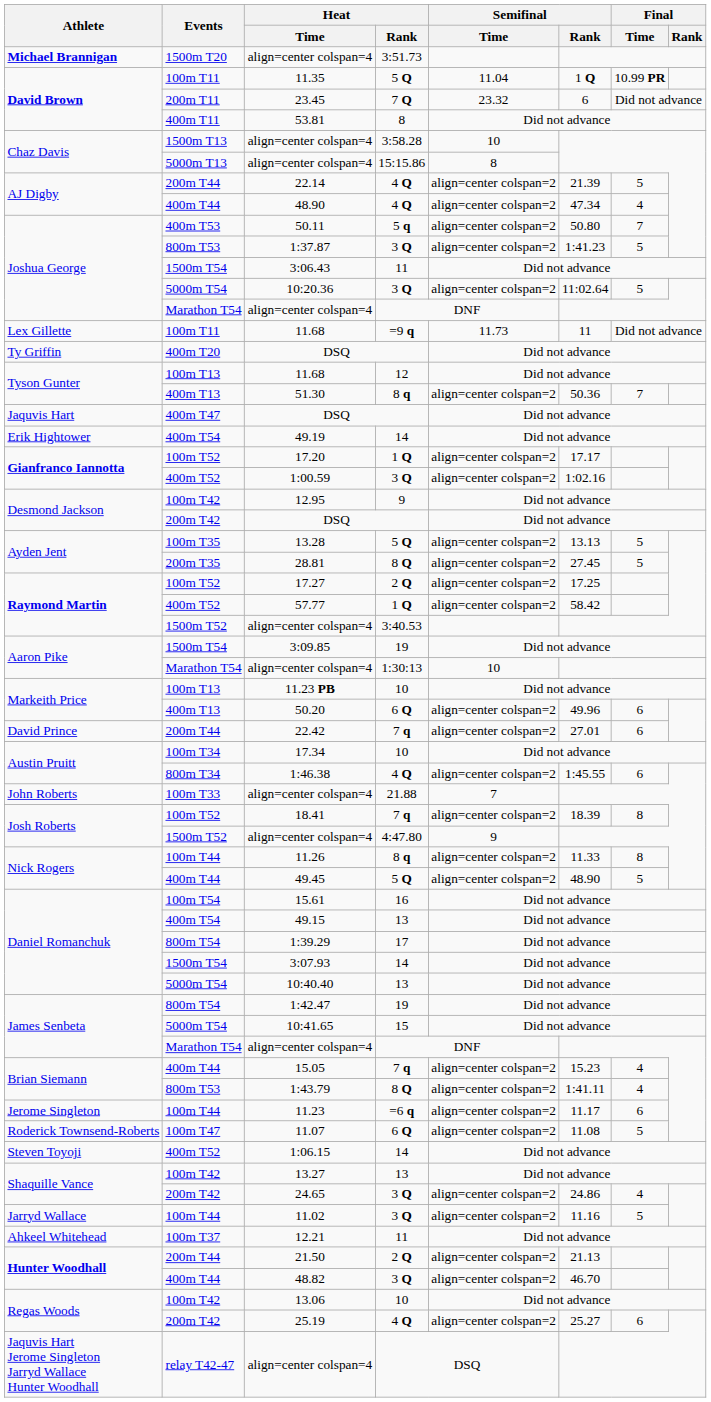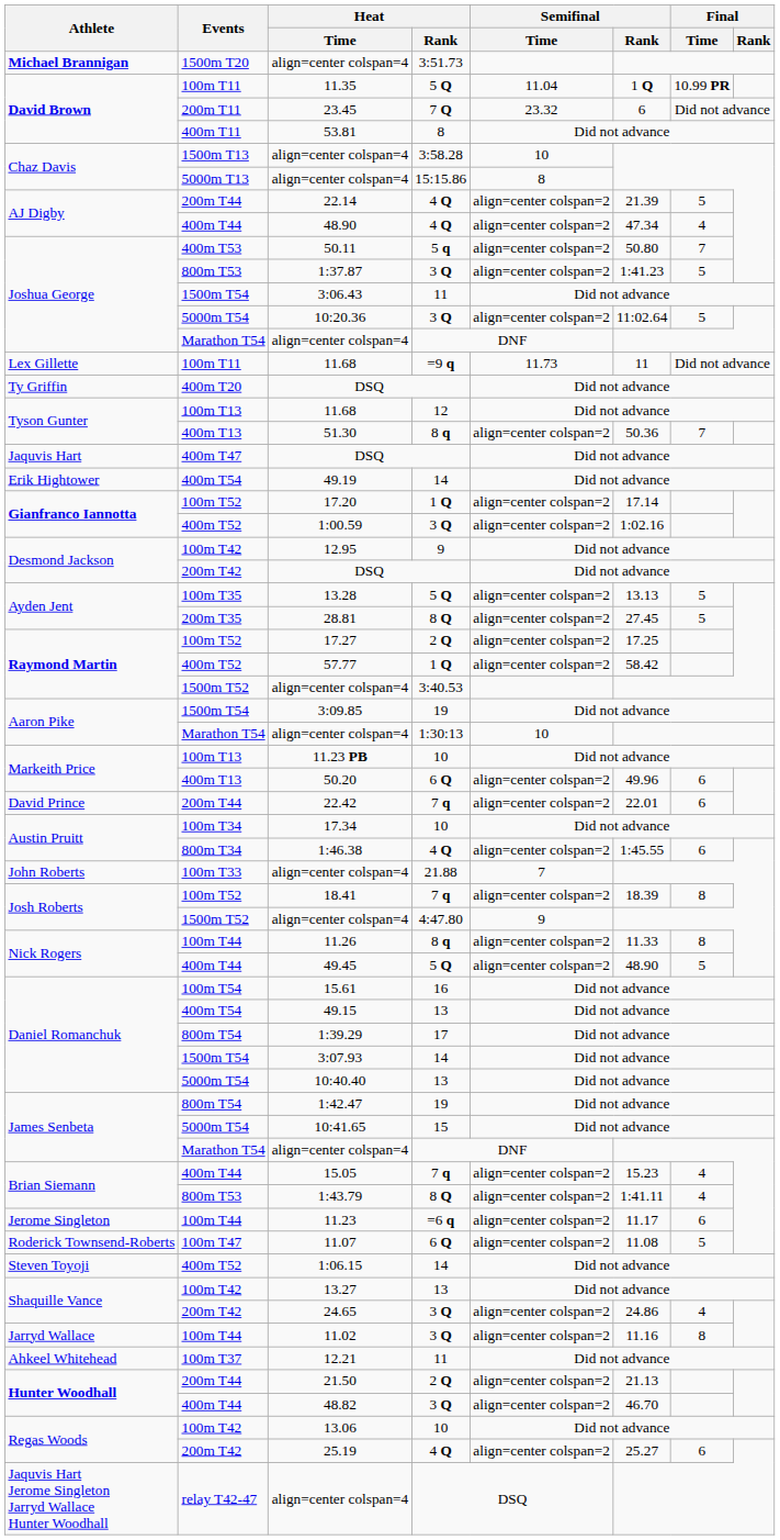 <table class=wikitable>
 <tr>
 <th rowspan="2">Athlete</th>
 <th rowspan="2">Events</th>
 <th colspan="2">Heat</th>
 <th colspan="2">Semifinal</th>
 <th colspan="2">Final</th>
 </tr>
 <tr>
 <th>Time</th>
 <th>Rank</th>
 <th>Time</th>
 <th>Rank</th>
 <th>Time</th>
 <th>Rank</th>
 </tr>
 <tr>
 <td align=left><strong><a href='#'>Michael Brannigan</a></strong></td>
 <td align=left><a href='#'>1500m T20</a></td>
 <td>align=center colspan=4 </td>
 <td align=center>3:51.73</td>
 <td align=center></td>
 </tr>
 <tr>
 <td align=left rowspan=3><strong><a href='#'>David Brown</a></strong></td>
 <td align=left><a href='#'>100m T11</a></td>
 <td align=center>11.35</td>
 <td align=center>5 <strong>Q</strong></td>
 <td align=center>11.04</td>
 <td align=center>1 <strong>Q</strong></td>
 <td align=center>10.99 <strong>PR</strong></td>
 <td align=center></td>
 </tr>
 <tr>
 <td align=left><a href='#'>200m T11</a></td>
 <td align=center>23.45</td>
 <td align=center>7 <strong>Q</strong></td>
 <td align=center>23.32</td>
 <td align=center>6</td>
 <td align=center colspan=2>Did not advance</td>
 </tr>
 <tr>
 <td align=left><a href='#'>400m T11</a></td>
 <td align=center>53.81</td>
 <td align=center>8</td>
 <td align=center colspan=4>Did not advance</td>
 </tr>
 <tr>
 <td align=left rowspan=2><a href='#'>Chaz Davis</a></td>
 <td align=left><a href='#'>1500m T13</a></td>
 <td>align=center colspan=4 </td>
 <td align=center>3:58.28</td>
 <td align=center>10</td>
 </tr>
 <tr>
 <td align=left><a href='#'>5000m T13</a></td>
 <td>align=center colspan=4 </td>
 <td align=center>15:15.86</td>
 <td align=center>8</td>
 </tr>
 <tr>
 <td align=left rowspan=2><a href='#'>AJ Digby</a></td>
 <td align=left><a href='#'>200m T44</a></td>
 <td align=center>22.14</td>
 <td align=center>4 <strong>Q</strong></td>
 <td>align=center colspan=2 </td>
 <td align=center>21.39</td>
 <td align=center>5</td>
 </tr>
 <tr>
 <td align=left><a href='#'>400m T44</a></td>
 <td align=center>48.90</td>
 <td align=center>4 <strong>Q</strong></td>
 <td>align=center colspan=2 </td>
 <td align=center>47.34</td>
 <td align=center>4</td>
 </tr>
 <tr>
 <td align=left rowspan=5><a href='#'>Joshua George</a></td>
 <td align=left><a href='#'>400m T53</a></td>
 <td align=center>50.11</td>
 <td align=center>5 <strong>q</strong></td>
 <td>align=center colspan=2 </td>
 <td align=center>50.80</td>
 <td align=center>7</td>
 </tr>
 <tr>
 <td align=left><a href='#'>800m T53</a></td>
 <td align=center>1:37.87</td>
 <td align=center>3 <strong>Q</strong></td>
 <td>align=center colspan=2 </td>
 <td align=center>1:41.23</td>
 <td align=center>5</td>
 </tr>
 <tr>
 <td align=left><a href='#'>1500m T54</a></td>
 <td align=center>3:06.43</td>
 <td align=center>11</td>
 <td align=center colspan=4>Did not advance</td>
 </tr>
 <tr>
 <td align=left><a href='#'>5000m T54</a></td>
 <td align=center>10:20.36</td>
 <td align=center>3 <strong>Q</strong></td>
 <td>align=center colspan=2 </td>
 <td align=center>11:02.64</td>
 <td align=center>5</td>
 </tr>
 <tr>
 <td align=left><a href='#'>Marathon T54</a></td>
 <td>align=center colspan=4 </td>
 <td align=center colspan=2>DNF</td>
 </tr>
 <tr>
 <td align=left><a href='#'>Lex Gillette</a></td>
 <td align=left><a href='#'>100m T11</a></td>
 <td align=center>11.68</td>
 <td align=center>=9 <strong>q</strong></td>
 <td align=center>11.73</td>
 <td align=center>11</td>
 <td align=center colspan=2>Did not advance</td>
 </tr>
 <tr>
 <td align=left><a href='#'>Ty Griffin</a></td>
 <td align=left><a href='#'>400m T20</a></td>
 <td align=center colspan=2>DSQ</td>
 <td align=center colspan=4>Did not advance</td>
 </tr>
 <tr>
 <td align=left rowspan=2><a href='#'>Tyson Gunter</a></td>
 <td align=left><a href='#'>100m T13</a></td>
 <td align=center>11.68</td>
 <td align=center>12</td>
 <td align=center colspan=4>Did not advance</td>
 </tr>
 <tr>
 <td align=left><a href='#'>400m T13</a></td>
 <td align=center>51.30</td>
 <td align=center>8 <strong>q</strong></td>
 <td>align=center colspan=2 </td>
 <td align=center>50.36</td>
 <td align=center>7</td>
 </tr>
 <tr>
 <td align=left><a href='#'>Jaquvis Hart</a></td>
 <td align=left><a href='#'>400m T47</a></td>
 <td align=center colspan=2>DSQ</td>
 <td align=center colspan=4>Did not advance</td>
 </tr>
 <tr>
 <td align=left><a href='#'>Erik Hightower</a></td>
 <td align=left><a href='#'>400m T54</a></td>
 <td align=center>49.19</td>
 <td align=center>14</td>
 <td align=center colspan=4>Did not advance</td>
 </tr>
 <tr>
 <td align=left rowspan=2><strong><a href='#'>Gianfranco Iannotta</a></strong></td>
 <td align=left><a href='#'>100m T52</a></td>
 <td align=center>17.20</td>
 <td align=center>1 <strong>Q</strong></td>
 <td>align=center colspan=2 </td>
-<td align=center>17.17</td>
+<td align=center>17.14</td>
 <td align=center></td>
 </tr>
 <tr>
 <td align=left><a href='#'>400m T52</a></td>
 <td align=center>1:00.59</td>
 <td align=center>3 <strong>Q</strong></td>
 <td>align=center colspan=2 </td>
 <td align=center>1:02.16</td>
 <td align=center></td>
 </tr>
 <tr>
 <td align=left rowspan=2><a href='#'>Desmond Jackson</a></td>
 <td align=left><a href='#'>100m T42</a></td>
 <td align=center>12.95</td>
 <td align=center>9</td>
 <td align=center colspan=4>Did not advance</td>
 </tr>
 <tr>
 <td align=left><a href='#'>200m T42</a></td>
 <td align=center colspan=2>DSQ</td>
 <td align=center colspan=4>Did not advance</td>
 </tr>
 <tr>
 <td align=left rowspan=2><a href='#'>Ayden Jent</a></td>
 <td align=left><a href='#'>100m T35</a></td>
 <td align=center>13.28</td>
 <td align=center>5 <strong>Q</strong></td>
 <td>align=center colspan=2 </td>
 <td align=center>13.13</td>
 <td align=center>5</td>
 </tr>
 <tr>
 <td align=left><a href='#'>200m T35</a></td>
 <td align=center>28.81</td>
 <td align=center>8 <strong>Q</strong></td>
 <td>align=center colspan=2 </td>
 <td align=center>27.45</td>
 <td align=center>5</td>
 </tr>
 <tr>
 <td align=left rowspan=3><strong><a href='#'>Raymond Martin</a></strong></td>
 <td align=left><a href='#'>100m T52</a></td>
 <td align=center>17.27</td>
 <td align=center>2 <strong>Q</strong></td>
 <td>align=center colspan=2 </td>
 <td align=center>17.25</td>
 <td align=center></td>
 </tr>
 <tr>
 <td align=left><a href='#'>400m T52</a></td>
 <td align=center>57.77</td>
 <td align=center>1 <strong>Q</strong></td>
 <td>align=center colspan=2 </td>
 <td align=center>58.42</td>
 <td align=center></td>
 </tr>
 <tr>
 <td align=left><a href='#'>1500m T52</a></td>
 <td>align=center colspan=4 </td>
 <td align=center>3:40.53</td>
 <td align=center></td>
 </tr>
 <tr>
 <td align=left rowspan=2><a href='#'>Aaron Pike</a></td>
 <td align=left><a href='#'>1500m T54</a></td>
 <td align=center>3:09.85</td>
 <td align=center>19</td>
 <td align=center colspan=4>Did not advance</td>
 </tr>
 <tr>
 <td align=left><a href='#'>Marathon T54</a></td>
 <td>align=center colspan=4 </td>
 <td align=center>1:30:13</td>
 <td align=center>10</td>
 </tr>
 <tr>
 <td align=left rowspan=2><a href='#'>Markeith Price</a></td>
 <td align=left><a href='#'>100m T13</a></td>
 <td align=center>11.23 <strong>PB</strong></td>
 <td align=center>10</td>
 <td align=center colspan=4>Did not advance</td>
 </tr>
 <tr>
 <td align=left><a href='#'>400m T13</a></td>
 <td align=center>50.20</td>
 <td align=center>6 <strong>Q</strong></td>
 <td>align=center colspan=2 </td>
 <td align=center>49.96</td>
 <td align=center>6</td>
 </tr>
 <tr>
 <td align=left><a href='#'>David Prince</a></td>
 <td align=left><a href='#'>200m T44</a></td>
 <td align=center>22.42</td>
 <td align=center>7 <strong>q</strong></td>
 <td>align=center colspan=2 </td>
-<td align=center>27.01</td>
+<td align=center>22.01</td>
 <td align=center>6</td>
 </tr>
 <tr>
 <td align=left rowspan=2><a href='#'>Austin Pruitt</a></td>
 <td align=left><a href='#'>100m T34</a></td>
 <td align=center>17.34</td>
 <td align=center>10</td>
 <td align=center colspan=4>Did not advance</td>
 </tr>
 <tr>
 <td align=left><a href='#'>800m T34</a></td>
 <td align=center>1:46.38</td>
 <td align=center>4 <strong>Q</strong></td>
 <td>align=center colspan=2 </td>
 <td align=center>1:45.55</td>
 <td align=center>6</td>
 </tr>
 <tr>
 <td align=left><a href='#'>John Roberts</a></td>
 <td align=left><a href='#'>100m T33</a></td>
 <td>align=center colspan=4 </td>
 <td align=center>21.88</td>
 <td align=center>7</td>
 </tr>
 <tr>
 <td align=left rowspan=2><a href='#'>Josh Roberts</a></td>
 <td align=left><a href='#'>100m T52</a></td>
 <td align=center>18.41</td>
 <td align=center>7 <strong>q</strong></td>
 <td>align=center colspan=2 </td>
 <td align=center>18.39</td>
 <td align=center>8</td>
 </tr>
 <tr>
 <td align=left><a href='#'>1500m T52</a></td>
 <td>align=center colspan=4 </td>
 <td align=center>4:47.80</td>
 <td align=center>9</td>
 </tr>
 <tr>
 <td align=left rowspan=2><a href='#'>Nick Rogers</a></td>
 <td align=left><a href='#'>100m T44</a></td>
 <td align=center>11.26</td>
 <td align=center>8 <strong>q</strong></td>
 <td>align=center colspan=2 </td>
 <td align=center>11.33</td>
 <td align=center>8</td>
 </tr>
 <tr>
 <td align=left><a href='#'>400m T44</a></td>
 <td align=center>49.45</td>
 <td align=center>5 <strong>Q</strong></td>
 <td>align=center colspan=2 </td>
 <td align=center>48.90</td>
 <td align=center>5</td>
 </tr>
 <tr>
 <td align=left rowspan=5><a href='#'>Daniel Romanchuk</a></td>
 <td align=left><a href='#'>100m T54</a></td>
 <td align=center>15.61</td>
 <td align=center>16</td>
 <td align=center colspan=4>Did not advance</td>
 </tr>
 <tr>
 <td align=left><a href='#'>400m T54</a></td>
 <td align=center>49.15</td>
 <td align=center>13</td>
 <td align=center colspan=4>Did not advance</td>
 </tr>
 <tr>
 <td align=left><a href='#'>800m T54</a></td>
 <td align=center>1:39.29</td>
 <td align=center>17</td>
 <td align=center colspan=4>Did not advance</td>
 </tr>
 <tr>
 <td align=left><a href='#'>1500m T54</a></td>
 <td align=center>3:07.93</td>
 <td align=center>14</td>
 <td align=center colspan=4>Did not advance</td>
 </tr>
 <tr>
 <td align=left><a href='#'>5000m T54</a></td>
 <td align=center>10:40.40</td>
 <td align=center>13</td>
 <td align=center colspan=4>Did not advance</td>
 </tr>
 <tr>
 <td align=left rowspan=3><a href='#'>James Senbeta</a></td>
 <td align=left><a href='#'>800m T54</a></td>
 <td align=center>1:42.47</td>
 <td align=center>19</td>
 <td align=center colspan=4>Did not advance</td>
 </tr>
 <tr>
 <td align=left><a href='#'>5000m T54</a></td>
 <td align=center>10:41.65</td>
 <td align=center>15</td>
 <td align=center colspan=4>Did not advance</td>
 </tr>
 <tr>
 <td align=left><a href='#'>Marathon T54</a></td>
 <td>align=center colspan=4 </td>
 <td align=center colspan=2>DNF</td>
 </tr>
 <tr>
 <td align=left rowspan=2><a href='#'>Brian Siemann</a></td>
 <td align=left><a href='#'>400m T44</a></td>
 <td align=center>15.05</td>
 <td align=center>7 <strong>q</strong></td>
 <td>align=center colspan=2 </td>
 <td align=center>15.23</td>
 <td align=center>4</td>
 </tr>
 <tr>
 <td align=left><a href='#'>800m T53</a></td>
 <td align=center>1:43.79</td>
 <td align=center>8 <strong>Q</strong></td>
 <td>align=center colspan=2 </td>
 <td align=center>1:41.11</td>
 <td align=center>4</td>
 </tr>
 <tr>
 <td align=left><a href='#'>Jerome Singleton</a></td>
 <td align=left><a href='#'>100m T44</a></td>
 <td align=center>11.23</td>
 <td align=center>=6 <strong>q</strong></td>
 <td>align=center colspan=2 </td>
 <td align=center>11.17</td>
 <td align=center>6</td>
 </tr>
 <tr>
 <td align=left><a href='#'>Roderick Townsend-Roberts</a></td>
 <td align=left><a href='#'>100m T47</a></td>
 <td align=center>11.07</td>
 <td align=center>6 <strong>Q</strong></td>
 <td>align=center colspan=2 </td>
 <td align=center>11.08</td>
 <td align=center>5</td>
 </tr>
 <tr>
 <td align=left><a href='#'>Steven Toyoji</a></td>
 <td align=left><a href='#'>400m T52</a></td>
 <td align=center>1:06.15</td>
 <td align=center>14</td>
 <td align=center colspan=4>Did not advance</td>
 </tr>
 <tr>
 <td align=left rowspan=2><a href='#'>Shaquille Vance</a></td>
 <td align=left><a href='#'>100m T42</a></td>
 <td align=center>13.27</td>
 <td align=center>13</td>
 <td align=center colspan=4>Did not advance</td>
 </tr>
 <tr>
 <td align=left><a href='#'>200m T42</a></td>
 <td align=center>24.65</td>
 <td align=center>3 <strong>Q</strong></td>
 <td>align=center colspan=2 </td>
 <td align=center>24.86</td>
 <td align=center>4</td>
 </tr>
 <tr>
 <td align=left><a href='#'>Jarryd Wallace</a></td>
 <td align=left><a href='#'>100m T44</a></td>
 <td align=center>11.02</td>
 <td align=center>3 <strong>Q</strong></td>
 <td>align=center colspan=2 </td>
 <td align=center>11.16</td>
-<td align=center>5</td>
+<td align=center>8</td>
 </tr>
 <tr>
 <td align=left><a href='#'>Ahkeel Whitehead</a></td>
 <td align=left><a href='#'>100m T37</a></td>
 <td align=center>12.21</td>
 <td align=center>11</td>
 <td align=center colspan=4>Did not advance</td>
 </tr>
 <tr>
 <td align=left rowspan=2><strong><a href='#'>Hunter Woodhall</a></strong></td>
 <td align=left><a href='#'>200m T44</a></td>
 <td align=center>21.50</td>
 <td align=center>2 <strong>Q</strong></td>
 <td>align=center colspan=2 </td>
 <td align=center>21.13</td>
 <td align=center></td>
 </tr>
 <tr>
 <td align=left><a href='#'>400m T44</a></td>
 <td align=center>48.82</td>
 <td align=center>3 <strong>Q</strong></td>
 <td>align=center colspan=2 </td>
 <td align=center>46.70</td>
 <td align=center></td>
 </tr>
 <tr>
 <td align=left rowspan=2><a href='#'>Regas Woods</a></td>
 <td align=left><a href='#'>100m T42</a></td>
 <td align=center>13.06</td>
 <td align=center>10</td>
 <td align=center colspan=4>Did not advance</td>
 </tr>
 <tr>
 <td align=left><a href='#'>200m T42</a></td>
 <td align=center>25.19</td>
 <td align=center>4 <strong>Q</strong></td>
 <td>align=center colspan=2 </td>
 <td align=center>25.27</td>
 <td align=center>6</td>
 </tr>
 <tr>
 <td align=left><a href='#'>Jaquvis Hart</a><br> <a href='#'>Jerome Singleton</a><br> <a href='#'>Jarryd Wallace</a><br> <a href='#'>Hunter Woodhall</a></td>
 <td align=left><a href='#'> relay T42-47</a></td>
 <td>align=center colspan=4 </td>
 <td align=center colspan=2>DSQ</td>
 </tr>
 </table>
